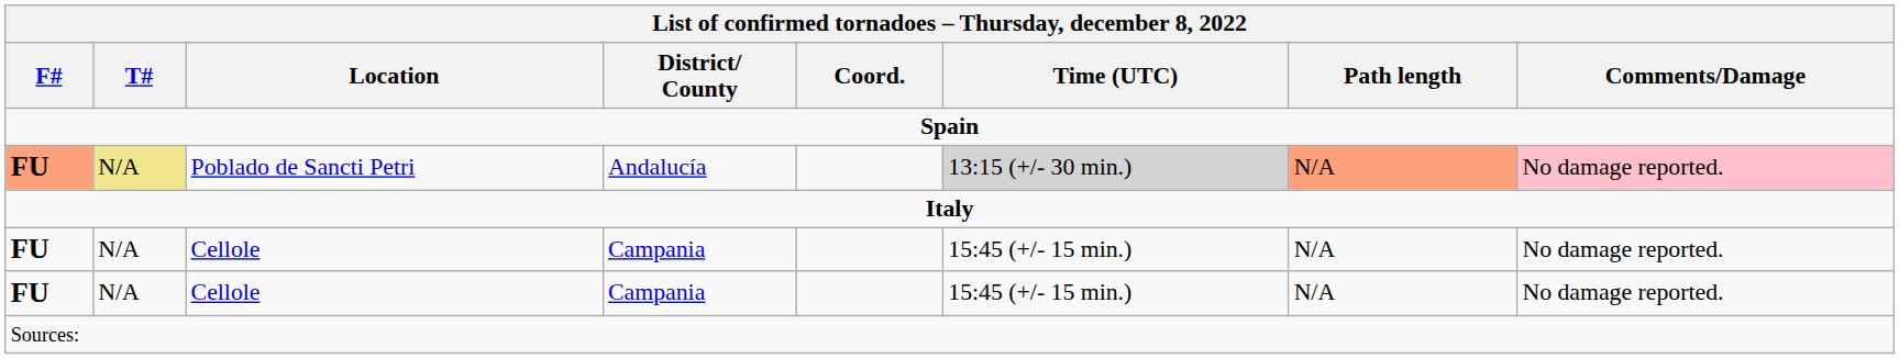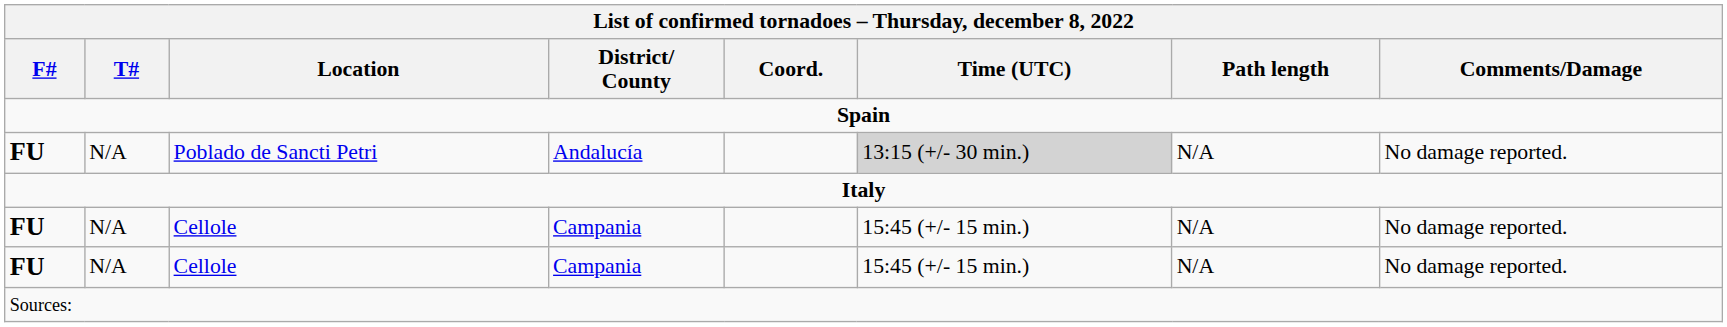 <table class="wikitable collapsible" width="100%">
 <tr>
 <th colspan="8">List of confirmed tornadoes – Thursday, december 8, 2022</th>
 </tr>
 <tr>
 <th><a href='#'>F#</a></th>
 <th><a href='#'>T#</a></th>
 <th>Location</th>
 <th>District/<br>County</th>
 <th>Coord.</th>
 <th>Time (UTC)</th>
 <th>Path length</th>
 <th>Comments/Damage</th>
 </tr>
 <tr>
 <td colspan="8" align=center><strong>Spain</strong></td>
 </tr>
 <tr>
-<td style="background: lightsalmon;"><big><strong>FU</strong></big></td>
-<td style="background: khaki;">N/A</td>
+<td><big><strong>FU</strong></big></td>
+<td>N/A</td>
 <td><a href='#'>Poblado de Sancti Petri</a></td>
 <td><a href='#'>Andalucía</a></td>
 <td></td>
 <td style="background: lightgrey;">13:15 (+/- 30 min.)</td>
-<td style="background: lightsalmon;">N/A</td>
-<td style="background: pink;">No damage reported.</td>
+<td>N/A</td>
+<td>No damage reported.</td>
 </tr>
 <tr>
 <td colspan="8" align=center><strong>Italy</strong></td>
 </tr>
 <tr>
 <td><big><strong>FU</strong></big></td>
 <td>N/A</td>
 <td><a href='#'>Cellole</a></td>
 <td><a href='#'>Campania</a></td>
 <td></td>
 <td>15:45 (+/- 15 min.)</td>
 <td>N/A</td>
 <td>No damage reported.</td>
 </tr>
 <tr>
 <td><big><strong>FU</strong></big></td>
 <td>N/A</td>
 <td><a href='#'>Cellole</a></td>
 <td><a href='#'>Campania</a></td>
 <td></td>
 <td>15:45 (+/- 15 min.)</td>
 <td>N/A</td>
 <td>No damage reported.</td>
 </tr>
 <tr>
 <td colspan="8"><small>Sources:  </small></td>
 </tr>
 </table>
